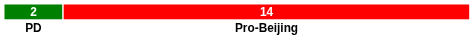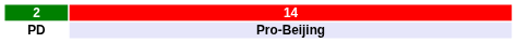 <table style="width:50%; text-align:center;">
 <tr style="color:white;">
 <td style="background:green; width:12.5%;"><strong>2</strong></td>
 <td style="background:red; width:87.5%;"><strong>14</strong></td>
 </tr>
 <tr>
 <td><span><strong>PD</strong></span></td>
-<td><span><strong>Pro-Beijing</strong></span></td>
+<td style="background: lavender;"><span><strong>Pro-Beijing</strong></span></td>
 </tr>
 </table>
